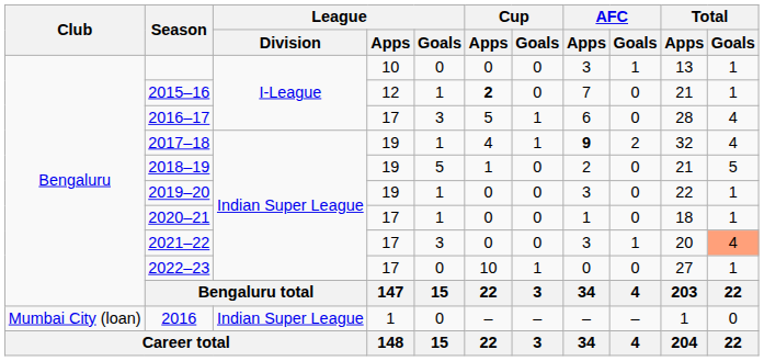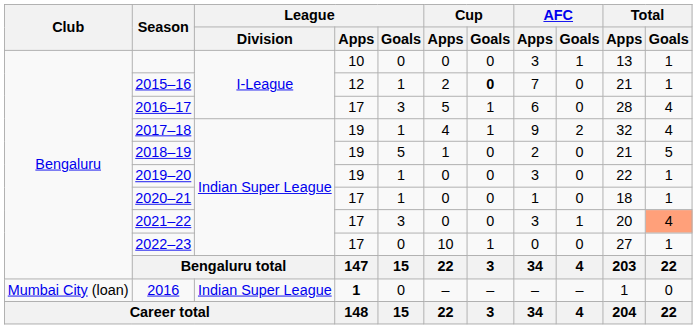 <table class="wikitable" style="text-align: center;">
 <tr>
 <th rowspan="2">Club</th>
 <th rowspan="2">Season</th>
 <th colspan="3">League</th>
 <th colspan="2">Cup</th>
 <th colspan="2"><a href='#'>AFC</a></th>
 <th colspan="2">Total</th>
 </tr>
 <tr>
 <th>Division</th>
 <th>Apps</th>
 <th>Goals</th>
 <th>Apps</th>
 <th>Goals</th>
 <th>Apps</th>
 <th>Goals</th>
 <th>Apps</th>
 <th>Goals</th>
 </tr>
 <tr>
 <td rowspan="10"><a href='#'>Bengaluru</a></td>
 <td></td>
 <td rowspan="3"><a href='#'>I-League</a></td>
 <td>10</td>
 <td>0</td>
 <td>0</td>
 <td>0</td>
 <td>3</td>
 <td>1</td>
 <td>13</td>
 <td>1</td>
 </tr>
 <tr>
 <td><a href='#'>2015–16</a></td>
 <td>12</td>
 <td>1</td>
-<td><strong>2</strong></td>
-<td>0</td>
+<td>2</td>
+<td><strong>0</strong></td>
 <td>7</td>
 <td>0</td>
 <td>21</td>
 <td>1</td>
 </tr>
 <tr>
 <td><a href='#'>2016–17</a></td>
 <td>17</td>
 <td>3</td>
 <td>5</td>
 <td>1</td>
 <td>6</td>
 <td>0</td>
 <td>28</td>
 <td>4</td>
 </tr>
 <tr>
 <td><a href='#'>2017–18</a></td>
 <td rowspan="6"><a href='#'>Indian Super League</a></td>
 <td>19</td>
 <td>1</td>
 <td>4</td>
 <td>1</td>
-<td><strong>9</strong></td>
+<td>9</td>
 <td>2</td>
 <td>32</td>
 <td>4</td>
 </tr>
 <tr>
 <td><a href='#'>2018–19</a></td>
 <td>19</td>
 <td>5</td>
 <td>1</td>
 <td>0</td>
 <td>2</td>
 <td>0</td>
 <td>21</td>
 <td>5</td>
 </tr>
 <tr>
 <td><a href='#'>2019–20</a></td>
 <td>19</td>
 <td>1</td>
 <td>0</td>
 <td>0</td>
 <td>3</td>
 <td>0</td>
 <td>22</td>
 <td>1</td>
 </tr>
 <tr>
 <td><a href='#'>2020–21</a></td>
 <td>17</td>
 <td>1</td>
 <td>0</td>
 <td>0</td>
 <td>1</td>
 <td>0</td>
 <td>18</td>
 <td>1</td>
 </tr>
 <tr>
 <td><a href='#'>2021–22</a></td>
 <td>17</td>
 <td>3</td>
 <td>0</td>
 <td>0</td>
 <td>3</td>
 <td>1</td>
 <td>20</td>
 <td style="background: lightsalmon;">4</td>
 </tr>
 <tr>
 <td><a href='#'>2022–23</a></td>
 <td>17</td>
 <td>0</td>
 <td>10</td>
 <td>1</td>
 <td>0</td>
 <td>0</td>
 <td>27</td>
 <td>1</td>
 </tr>
 <tr>
 <th colspan="2">Bengaluru total</th>
 <th>147</th>
 <th>15</th>
 <th>22</th>
 <th>3</th>
 <th>34</th>
 <th>4</th>
 <th>203</th>
 <th>22</th>
 </tr>
 <tr>
 <td rowspan="1"><a href='#'>Mumbai City</a> (loan)</td>
 <td><a href='#'>2016</a></td>
 <td><a href='#'>Indian Super League</a></td>
-<td>1</td>
+<td><strong>1</strong></td>
 <td>0</td>
 <td>–</td>
 <td>–</td>
 <td>–</td>
 <td>–</td>
 <td>1</td>
 <td>0</td>
 </tr>
 <tr>
 <th colspan="3">Career total</th>
 <th>148</th>
 <th>15</th>
 <th>22</th>
 <th>3</th>
 <th>34</th>
 <th>4</th>
 <th>204</th>
 <th>22</th>
 </tr>
 </table>
